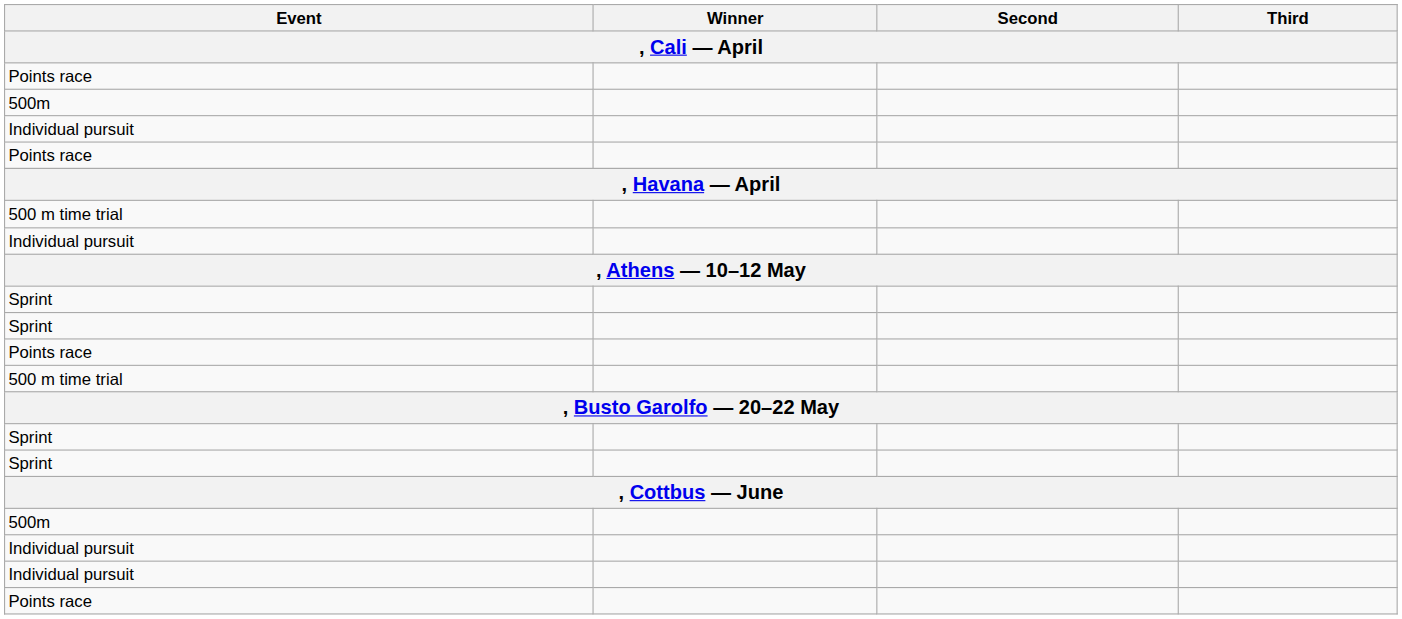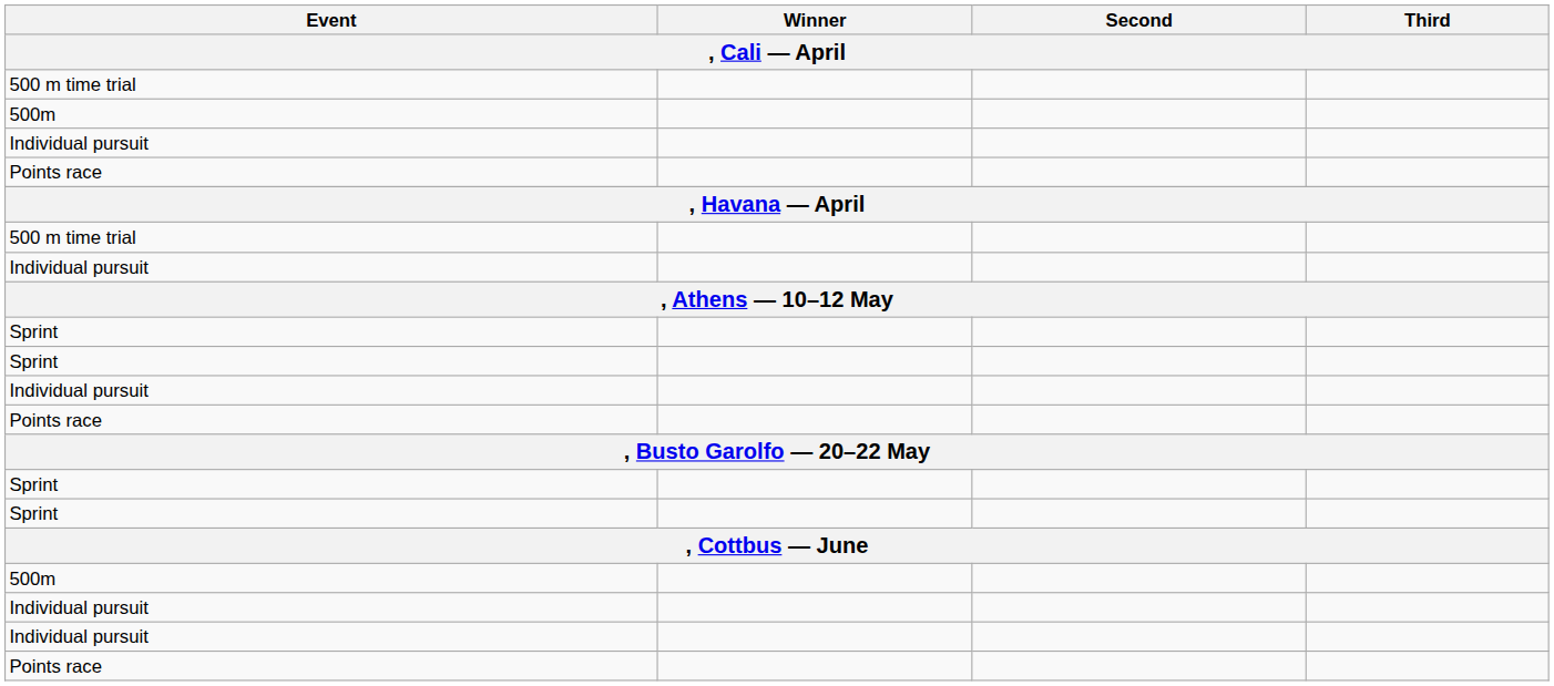 <table class=wikitable style="font-size:95%" width="80%">
 <tr>
 <th>Event</th>
 <th>Winner</th>
 <th>Second</th>
 <th>Third</th>
 </tr>
 <tr>
 <th colspan=4><big>, <a href='#'>Cali</a> — April</big></th>
 </tr>
 <tr>
-<td>Points race</td>
+<td>500 m time trial</td>
 <td></td>
 <td></td>
 <td></td>
 </tr>
 <tr>
 <td>500m</td>
 <td></td>
 <td></td>
 <td></td>
 </tr>
 <tr>
 <td>Individual pursuit</td>
 <td></td>
 <td></td>
 <td></td>
 </tr>
 <tr>
 <td>Points race</td>
 <td></td>
 <td></td>
 <td></td>
 </tr>
 <tr>
 </tr>
 <tr>
 <th colspan=4><big>, <a href='#'>Havana</a> — April</big></th>
 </tr>
 <tr>
 <td>500 m time trial</td>
 <td></td>
 <td></td>
 <td></td>
 </tr>
 <tr>
 <td>Individual pursuit</td>
 <td></td>
 <td></td>
 <td></td>
 </tr>
 <tr>
 <th colspan=4><big>, <a href='#'>Athens</a> — 10–12 May</big></th>
 </tr>
 <tr>
 <td>Sprint</td>
 <td></td>
 <td></td>
 <td></td>
 </tr>
 <tr>
 <td>Sprint</td>
 <td></td>
 <td></td>
 <td></td>
 </tr>
 <tr>
-<td>Points race</td>
+<td>Individual pursuit</td>
 <td></td>
 <td></td>
 <td></td>
 </tr>
 <tr>
-<td>500 m time trial</td>
+<td>Points race</td>
 <td></td>
 <td></td>
 <td></td>
 </tr>
 <tr>
 <th colspan=4><big>, <a href='#'>Busto Garolfo</a> — 20–22 May</big></th>
 </tr>
 <tr>
 <td>Sprint</td>
 <td></td>
 <td></td>
 <td></td>
 </tr>
 <tr>
 <td>Sprint</td>
 <td></td>
 <td></td>
 <td></td>
 </tr>
 <tr>
 <th colspan=4><big>, <a href='#'>Cottbus</a> — June</big></th>
 </tr>
 <tr>
 <td>500m</td>
 <td></td>
 <td></td>
 <td></td>
 </tr>
 <tr>
 <td>Individual pursuit</td>
 <td></td>
 <td></td>
 <td></td>
 </tr>
 <tr>
 <td>Individual pursuit</td>
 <td></td>
 <td></td>
 <td></td>
 </tr>
 <tr>
 <td>Points race</td>
 <td></td>
 <td></td>
 <td></td>
 </tr>
 </table>
